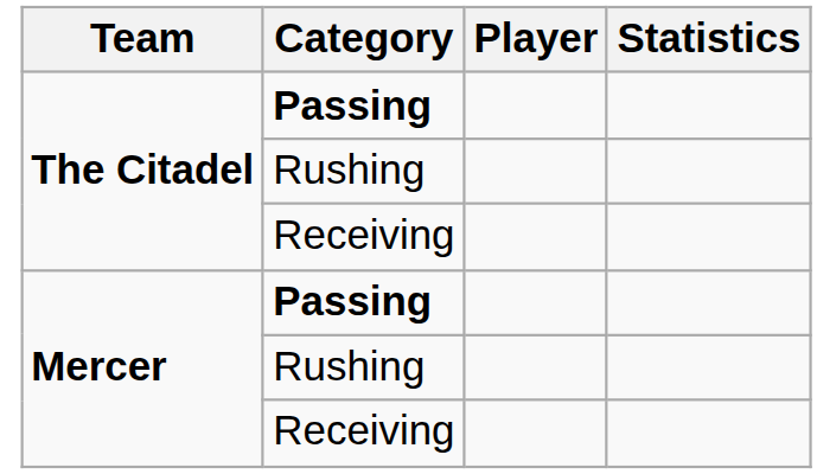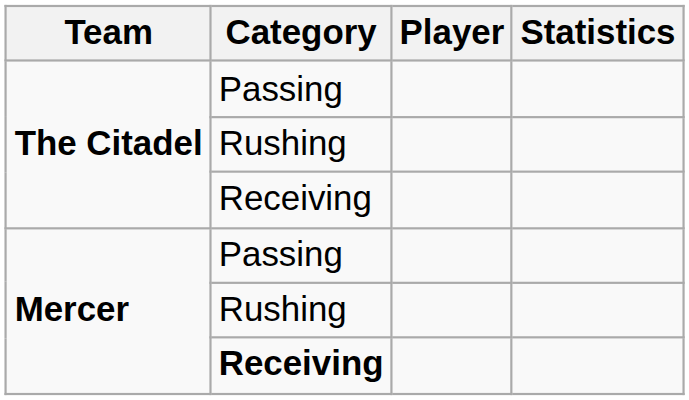 <table class="wikitable" style="float: right;">
 <tr>
 <th>Team</th>
 <th>Category</th>
 <th>Player</th>
 <th>Statistics</th>
 </tr>
 <tr>
 <td rowspan=3><strong>The Citadel</strong></td>
-<td><strong>Passing</strong></td>
+<td>Passing</td>
 <td></td>
 <td></td>
 </tr>
 <tr>
 <td>Rushing</td>
 <td></td>
 <td></td>
 </tr>
 <tr>
 <td>Receiving</td>
 <td></td>
 <td></td>
 </tr>
 <tr>
 <td rowspan=3><strong>Mercer</strong></td>
-<td><strong>Passing</strong></td>
+<td>Passing</td>
 <td></td>
 <td></td>
 </tr>
 <tr>
 <td>Rushing</td>
 <td></td>
 <td></td>
 </tr>
 <tr>
-<td>Receiving</td>
+<td><strong>Receiving</strong></td>
 <td></td>
 <td></td>
 </tr>
 </table>
